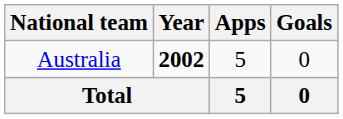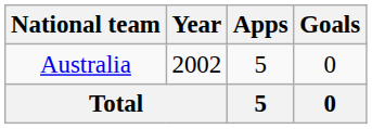 <table class="wikitable" style="text-align:center">
 <tr>
 <th>National team</th>
 <th>Year</th>
 <th>Apps</th>
 <th>Goals</th>
 </tr>
 <tr>
 <td><a href='#'>Australia</a></td>
-<td><strong>2002</strong></td>
+<td>2002</td>
 <td>5</td>
 <td>0</td>
 </tr>
 <tr>
 <th colspan="2">Total</th>
 <th>5</th>
 <th>0</th>
 </tr>
 </table>
